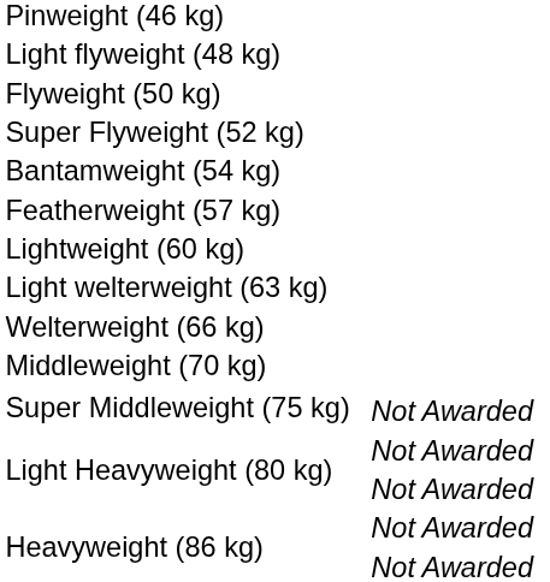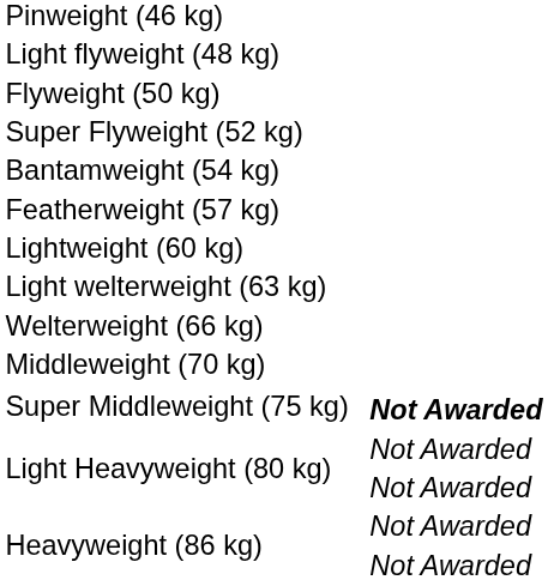 <table>
 <tr>
 <td rowspan=2>Pinweight (46 kg)</td>
 <td rowspan=2></td>
 <td rowspan=2></td>
 <td></td>
 </tr>
 <tr>
 <td></td>
 </tr>
 <tr>
 <td rowspan=2>Light flyweight (48 kg)</td>
 <td rowspan=2></td>
 <td rowspan=2></td>
 <td></td>
 </tr>
 <tr>
 <td></td>
 </tr>
 <tr>
 <td rowspan=2>Flyweight (50 kg)</td>
 <td rowspan=2></td>
 <td rowspan=2></td>
 <td></td>
 </tr>
 <tr>
 <td></td>
 </tr>
 <tr>
 <td rowspan=2>Super Flyweight (52 kg)</td>
 <td rowspan=2></td>
 <td rowspan=2></td>
 <td></td>
 </tr>
 <tr>
 <td></td>
 </tr>
 <tr>
 <td rowspan=2>Bantamweight (54 kg)</td>
 <td rowspan=2></td>
 <td rowspan=2></td>
 <td></td>
 </tr>
 <tr>
 <td></td>
 </tr>
 <tr>
 <td rowspan=2>Featherweight (57 kg)</td>
 <td rowspan=2></td>
 <td rowspan=2></td>
 <td></td>
 </tr>
 <tr>
 <td></td>
 </tr>
 <tr>
 <td rowspan=2>Lightweight (60 kg)</td>
 <td rowspan=2></td>
 <td rowspan=2></td>
 <td></td>
 </tr>
 <tr>
 <td></td>
 </tr>
 <tr>
 <td rowspan=2>Light welterweight (63 kg)</td>
 <td rowspan=2></td>
 <td rowspan=2></td>
 <td></td>
 </tr>
 <tr>
 <td></td>
 </tr>
 <tr>
 <td rowspan=2>Welterweight (66 kg)</td>
 <td rowspan=2></td>
 <td rowspan=2></td>
 <td></td>
 </tr>
 <tr>
 <td></td>
 </tr>
 <tr>
 <td rowspan=2>Middleweight (70 kg)<br></td>
 <td rowspan=2></td>
 <td rowspan=2></td>
 <td></td>
 </tr>
 <tr>
 <td></td>
 </tr>
 <tr>
 <td rowspan=2>Super Middleweight (75 kg)<br></td>
 <td rowspan=2></td>
 <td rowspan=2></td>
 <td></td>
 </tr>
 <tr>
-<td><em>Not Awarded</em></td>
+<td><strong><em>Not Awarded</em></strong></td>
 </tr>
 <tr>
 <td rowspan=2>Light Heavyweight (80 kg)<br></td>
 <td rowspan=2></td>
 <td rowspan=2></td>
 <td><em>Not Awarded</em></td>
 </tr>
 <tr>
 <td><em>Not Awarded</em></td>
 </tr>
 <tr>
 <td rowspan=2>Heavyweight (86 kg)<br></td>
 <td rowspan=2></td>
 <td rowspan=2></td>
 <td><em>Not Awarded</em></td>
 </tr>
 <tr>
 <td><em>Not Awarded</em></td>
 </tr>
 </table>
